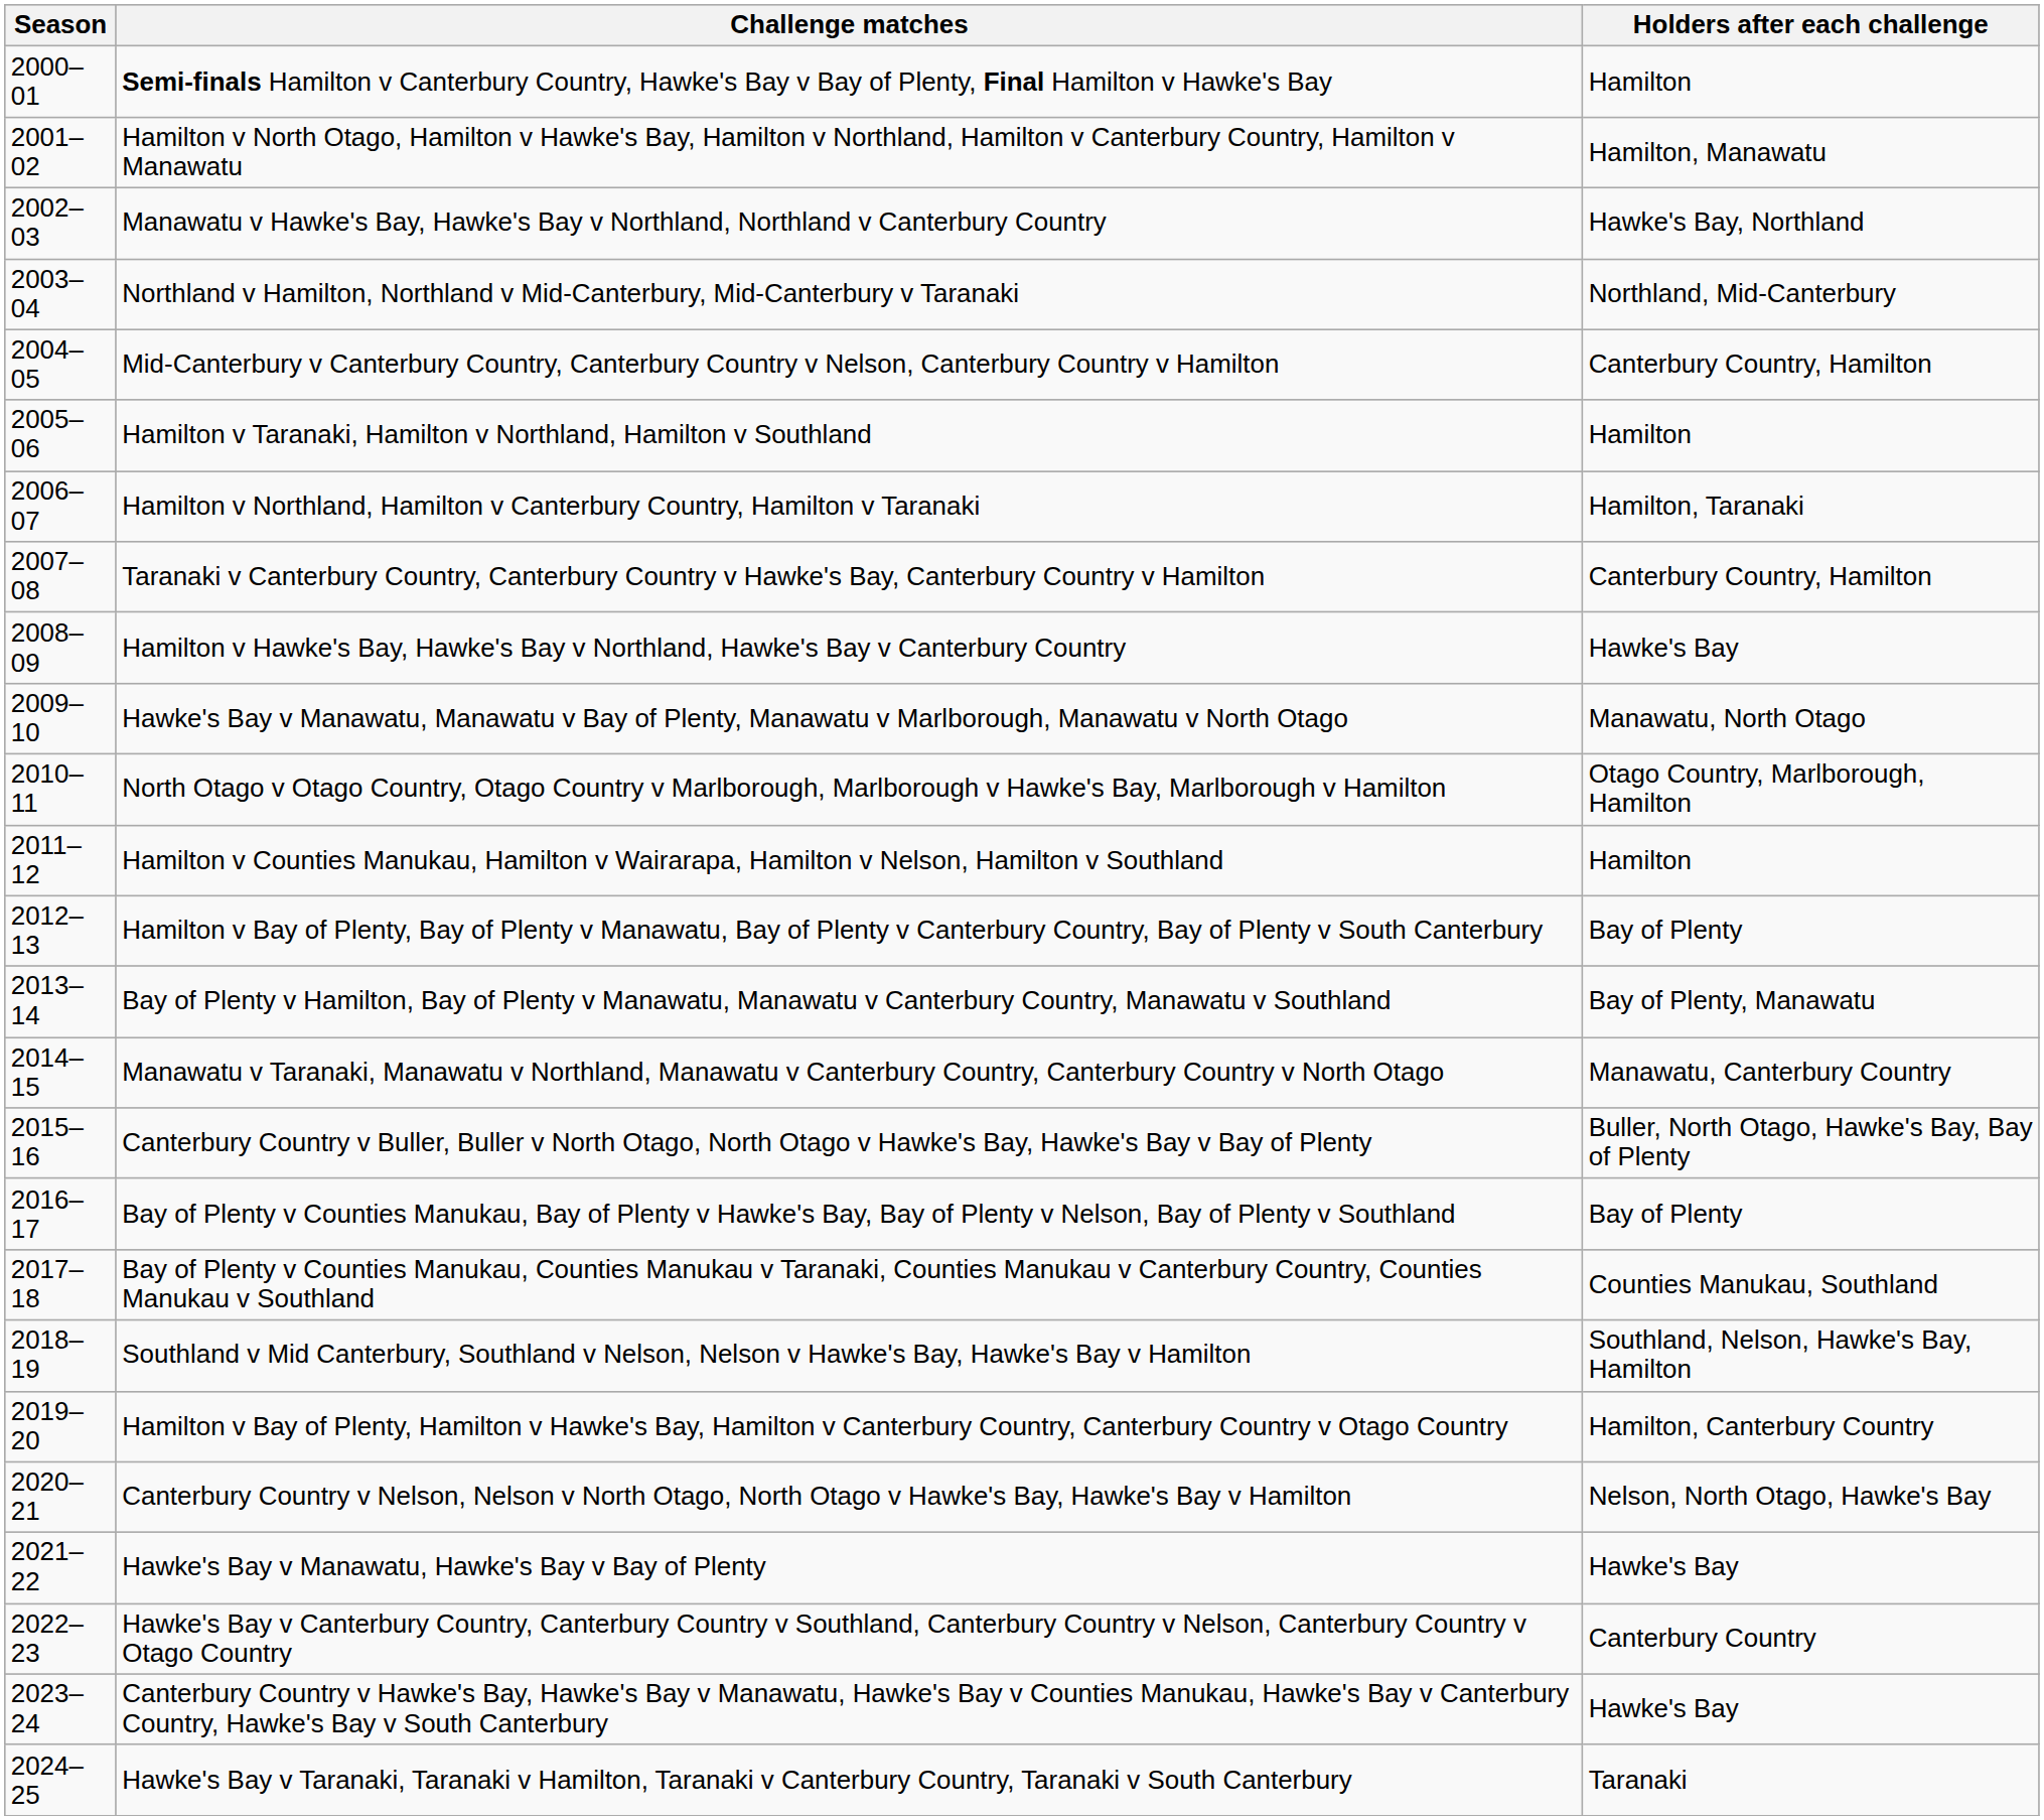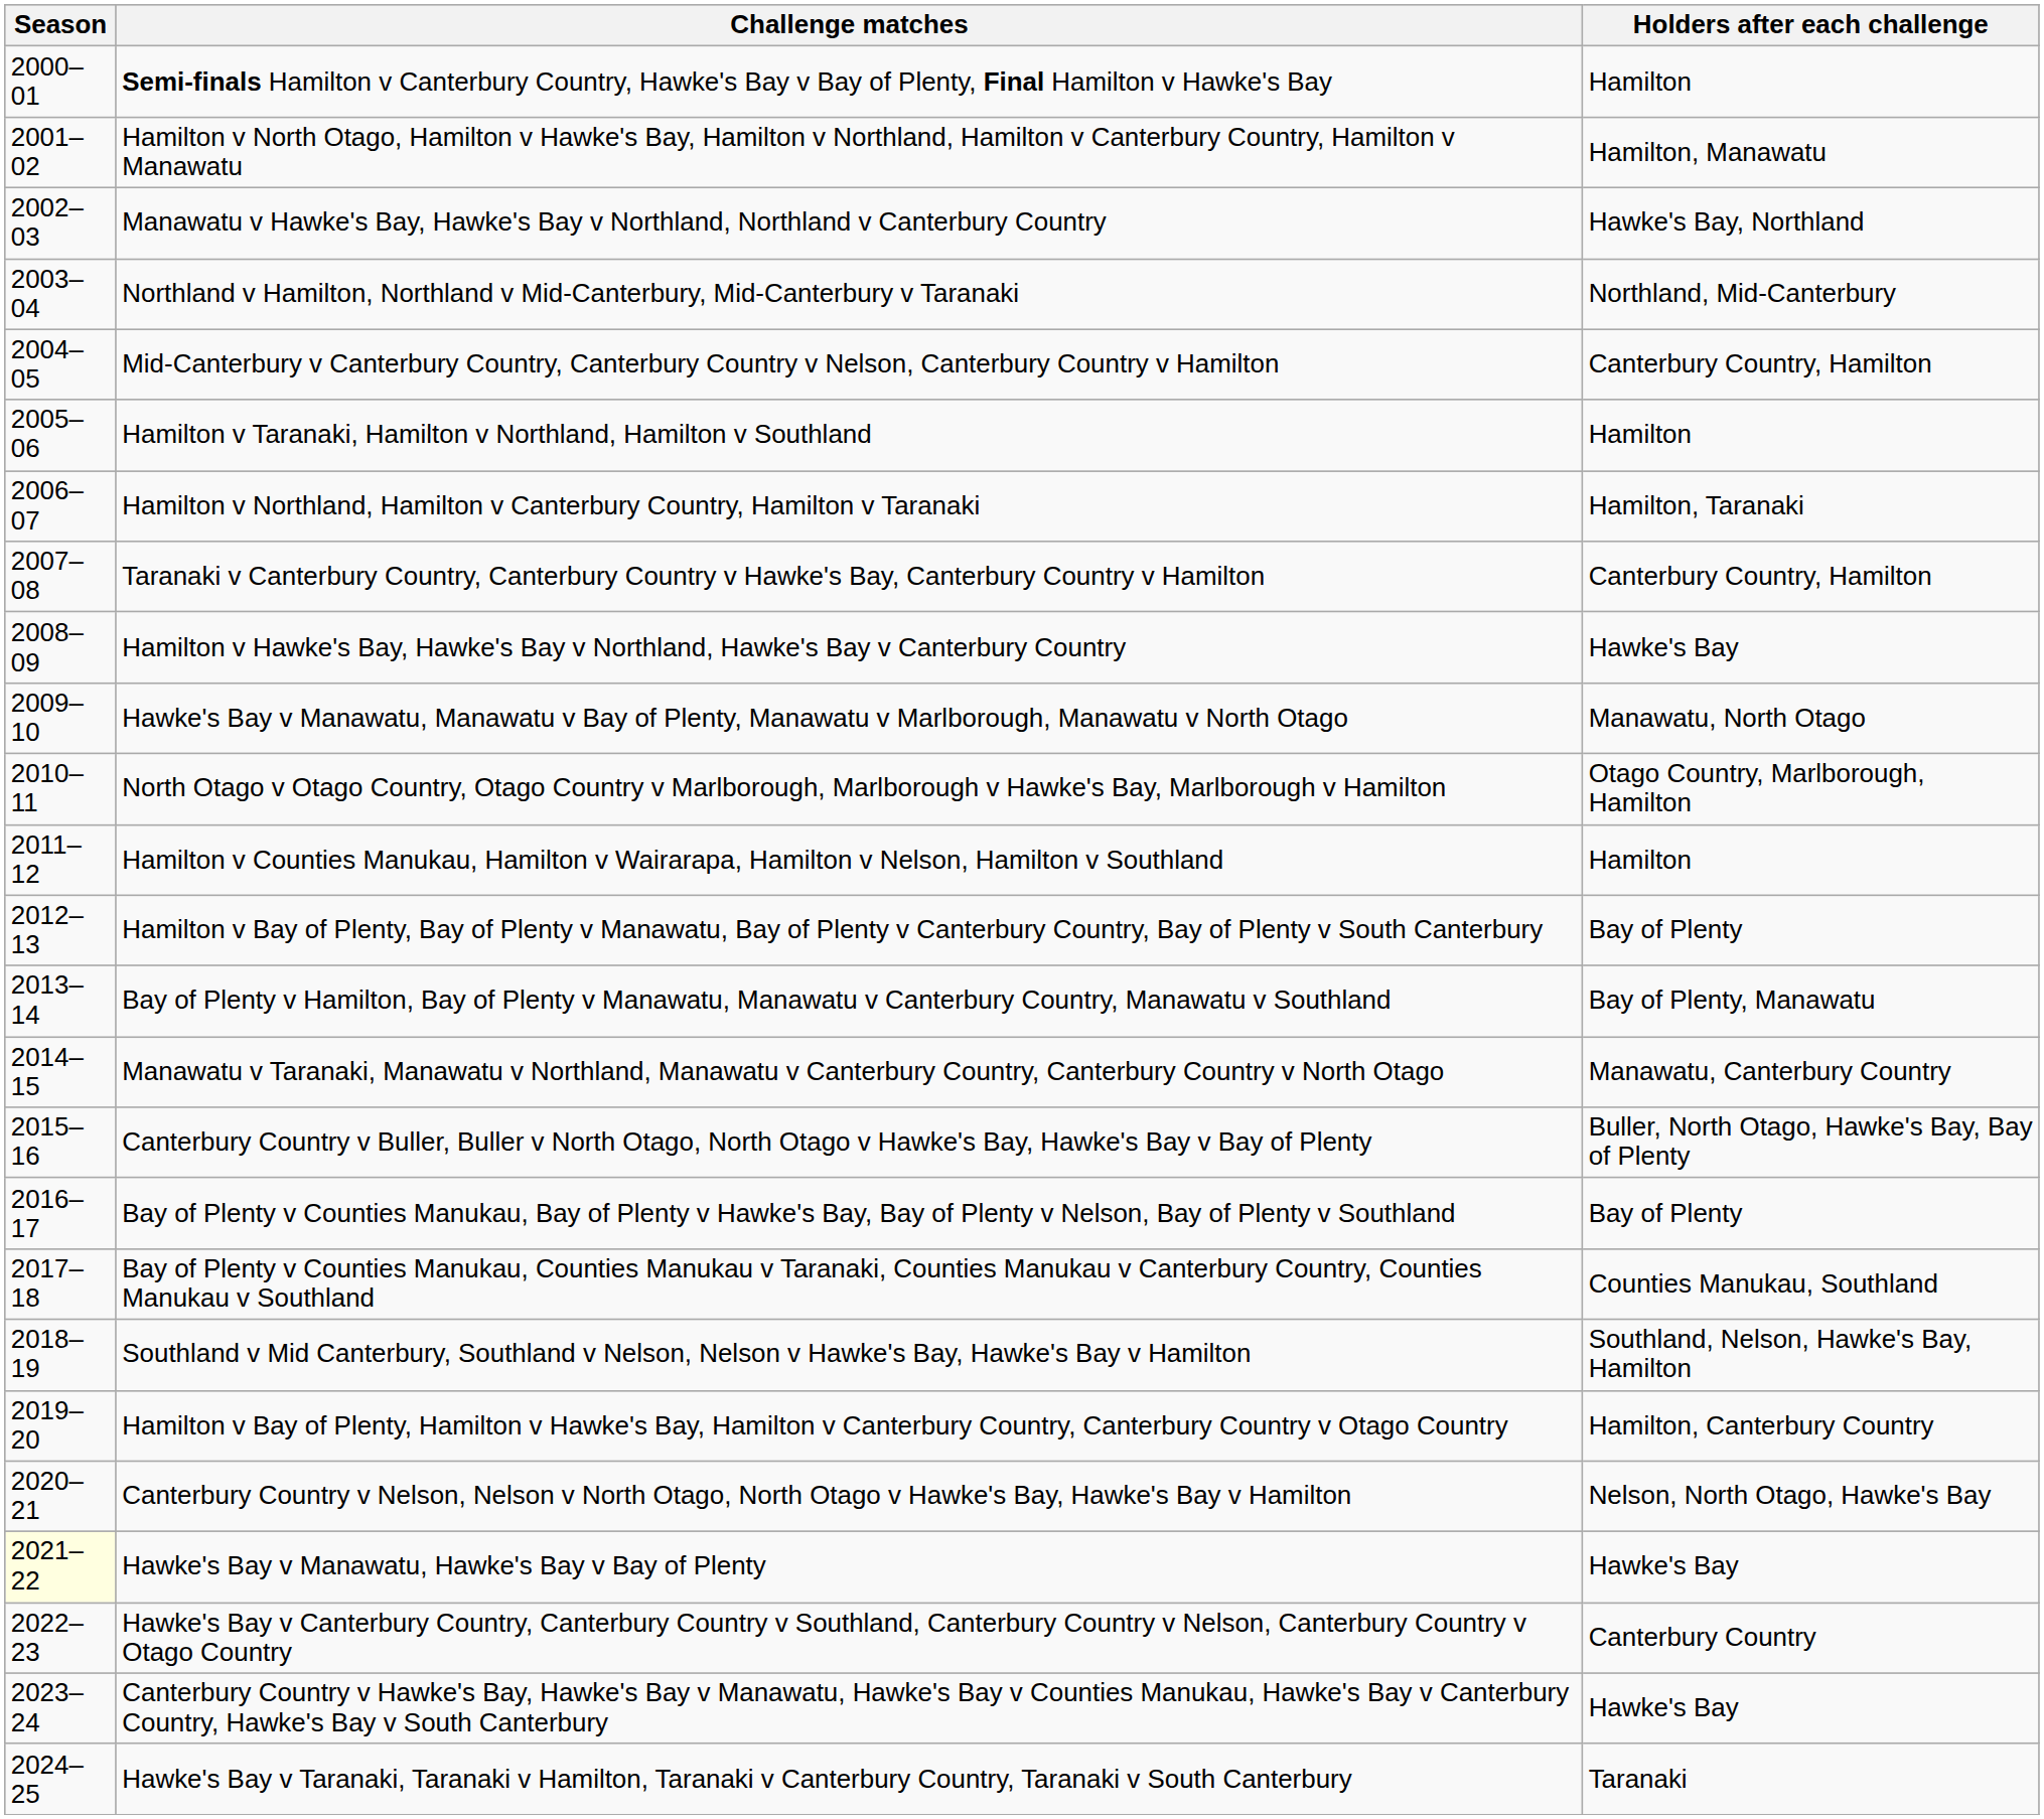 <table class="wikitable">
 <tr>
 <th>Season</th>
 <th>Challenge matches</th>
 <th>Holders after each challenge</th>
 </tr>
 <tr>
 <td>2000–01</td>
 <td><strong>Semi-finals</strong> Hamilton v Canterbury Country, Hawke's Bay v Bay of Plenty, <strong>Final</strong> Hamilton v Hawke's Bay</td>
 <td>Hamilton</td>
 </tr>
 <tr>
 <td>2001–02</td>
 <td>Hamilton v North Otago, Hamilton v Hawke's Bay, Hamilton v Northland, Hamilton v Canterbury Country, Hamilton v Manawatu</td>
 <td>Hamilton, Manawatu</td>
 </tr>
 <tr>
 <td>2002–03</td>
 <td>Manawatu v Hawke's Bay, Hawke's Bay v Northland, Northland v Canterbury Country</td>
 <td>Hawke's Bay, Northland</td>
 </tr>
 <tr>
 <td>2003–04</td>
 <td>Northland v Hamilton, Northland v Mid-Canterbury, Mid-Canterbury v Taranaki</td>
 <td>Northland, Mid-Canterbury</td>
 </tr>
 <tr>
 <td>2004–05</td>
 <td>Mid-Canterbury v Canterbury Country, Canterbury Country v Nelson, Canterbury Country v Hamilton</td>
 <td>Canterbury Country, Hamilton</td>
 </tr>
 <tr>
 <td>2005–06</td>
 <td>Hamilton v Taranaki, Hamilton v Northland, Hamilton v Southland</td>
 <td>Hamilton</td>
 </tr>
 <tr>
 <td>2006–07</td>
 <td>Hamilton v Northland, Hamilton v Canterbury Country, Hamilton v Taranaki</td>
 <td>Hamilton, Taranaki</td>
 </tr>
 <tr>
 <td>2007–08</td>
 <td>Taranaki v Canterbury Country, Canterbury Country v Hawke's Bay, Canterbury Country v Hamilton</td>
 <td>Canterbury Country, Hamilton</td>
 </tr>
 <tr>
 <td>2008–09</td>
 <td>Hamilton v Hawke's Bay, Hawke's Bay v Northland, Hawke's Bay v Canterbury Country</td>
 <td>Hawke's Bay</td>
 </tr>
 <tr>
 <td>2009–10</td>
 <td>Hawke's Bay v Manawatu, Manawatu v Bay of Plenty, Manawatu v Marlborough, Manawatu v North Otago</td>
 <td>Manawatu, North Otago</td>
 </tr>
 <tr>
 <td>2010–11</td>
 <td>North Otago v Otago Country, Otago Country v Marlborough, Marlborough v Hawke's Bay, Marlborough v Hamilton</td>
 <td>Otago Country, Marlborough, Hamilton</td>
 </tr>
 <tr>
 <td>2011–12</td>
 <td>Hamilton v Counties Manukau, Hamilton v Wairarapa, Hamilton v Nelson, Hamilton v Southland</td>
 <td>Hamilton</td>
 </tr>
 <tr>
 <td>2012–13</td>
 <td>Hamilton v Bay of Plenty, Bay of Plenty v Manawatu, Bay of Plenty v Canterbury Country, Bay of Plenty v South Canterbury</td>
 <td>Bay of Plenty</td>
 </tr>
 <tr>
 <td>2013–14</td>
 <td>Bay of Plenty v Hamilton, Bay of Plenty v Manawatu, Manawatu v Canterbury Country, Manawatu v Southland</td>
 <td>Bay of Plenty, Manawatu</td>
 </tr>
 <tr>
 <td>2014–15</td>
 <td>Manawatu v Taranaki, Manawatu v Northland, Manawatu v Canterbury Country, Canterbury Country v North Otago</td>
 <td>Manawatu, Canterbury Country</td>
 </tr>
 <tr>
 <td>2015–16</td>
 <td>Canterbury Country v Buller, Buller v North Otago, North Otago v Hawke's Bay, Hawke's Bay v Bay of Plenty</td>
 <td>Buller, North Otago, Hawke's Bay, Bay of Plenty</td>
 </tr>
 <tr>
 <td>2016–17</td>
 <td>Bay of Plenty v Counties Manukau, Bay of Plenty v Hawke's Bay, Bay of Plenty v Nelson, Bay of Plenty v Southland</td>
 <td>Bay of Plenty</td>
 </tr>
 <tr>
 <td>2017–18</td>
 <td>Bay of Plenty v Counties Manukau, Counties Manukau v Taranaki, Counties Manukau v Canterbury Country, Counties Manukau v Southland</td>
 <td>Counties Manukau, Southland</td>
 </tr>
 <tr>
 <td>2018–19</td>
 <td>Southland v Mid Canterbury, Southland v Nelson, Nelson v Hawke's Bay, Hawke's Bay v Hamilton</td>
 <td>Southland, Nelson, Hawke's Bay, Hamilton</td>
 </tr>
 <tr>
 <td>2019–20</td>
 <td>Hamilton v Bay of Plenty, Hamilton v Hawke's Bay, Hamilton v Canterbury Country, Canterbury Country v Otago Country</td>
 <td>Hamilton, Canterbury Country</td>
 </tr>
 <tr>
 <td>2020–21</td>
 <td>Canterbury Country v Nelson, Nelson v North Otago, North Otago v Hawke's Bay, Hawke's Bay v Hamilton</td>
 <td>Nelson, North Otago, Hawke's Bay</td>
 </tr>
 <tr>
-<td>2021–22</td>
+<td style="background: lightyellow;">2021–22</td>
 <td>Hawke's Bay v Manawatu, Hawke's Bay v Bay of Plenty</td>
 <td>Hawke's Bay</td>
 </tr>
 <tr>
 <td>2022–23</td>
 <td>Hawke's Bay v Canterbury Country, Canterbury Country v Southland, Canterbury Country v Nelson, Canterbury Country v Otago Country</td>
 <td>Canterbury Country</td>
 </tr>
 <tr>
 <td>2023–24</td>
 <td>Canterbury Country v Hawke's Bay, Hawke's Bay v Manawatu, Hawke's Bay v Counties Manukau, Hawke's Bay v Canterbury Country, Hawke's Bay v South Canterbury</td>
 <td>Hawke's Bay</td>
 </tr>
 <tr>
 <td>2024–25</td>
 <td>Hawke's Bay v Taranaki, Taranaki v Hamilton, Taranaki v Canterbury Country, Taranaki v South Canterbury</td>
 <td>Taranaki</td>
 </tr>
 <tr>
 </tr>
 </table>
